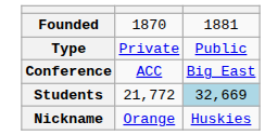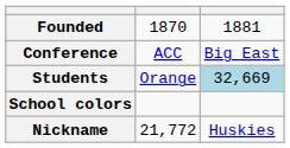 <table class="wikitable" style="float:right; clear:right; margin-left:1em; font-size:88%;">
 <tr>
 <th></th>
 <th><a href='#'></a></th>
 <th><a href='#'></a></th>
 </tr>
 <tr>
 <th scope=row>Founded</th>
 <td align=center>1870</td>
 <td align=center>1881</td>
 </tr>
 <tr>
-<th scope=row>Type</th>
-<td align=center><a href='#'>Private</a></td>
-<td align=center><a href='#'>Public</a></td>
-</tr>
-<tr>
 <th scope=row>Conference</th>
 <td align=center><a href='#'>ACC</a></td>
 <td align=center><a href='#'>Big East</a></td>
 </tr>
 <tr>
 <th scope=row>Students</th>
-<td align=center>21,772</td>
+<td align=center><a href='#'>Orange</a></td>
 <td align=center style="background: lightblue;">32,669</td>
 </tr>
 <tr>
+<th scope=row>School colors</th>
+<td align=center></td>
+<td align=center></td>
+</tr>
+<tr>
 <th scope=row>Nickname</th>
-<td align=center><a href='#'>Orange</a></td>
+<td align=center>21,772</td>
 <td align=center><a href='#'>Huskies</a></td>
 </tr>
 </table>
